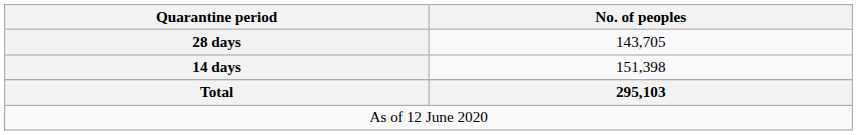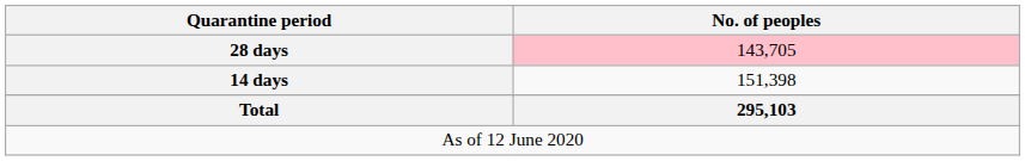 <table class="wikitable sortable plainrowheaders" style="text-align:center; width: 60%; font-size:85%">
 <tr>
 <th scope="col" width="10%">Quarantine period</th>
 <th scope="col" width="10%">No. of peoples</th>
 </tr>
 <tr>
 <th>28 days</th>
-<td>143,705</td>
+<td style="background: pink;">143,705</td>
 </tr>
 <tr>
 <th>14 days</th>
 <td>151,398</td>
 </tr>
 <tr>
 </tr>
 <tr class="sortbottom">
 <th colspan="1">Total</th>
 <th scope="col">295,103</th>
 </tr>
 <tr class="sortbottom" style="text-align:center;">
 <td colspan="7">As of 12 June 2020</td>
 </tr>
 </table>
